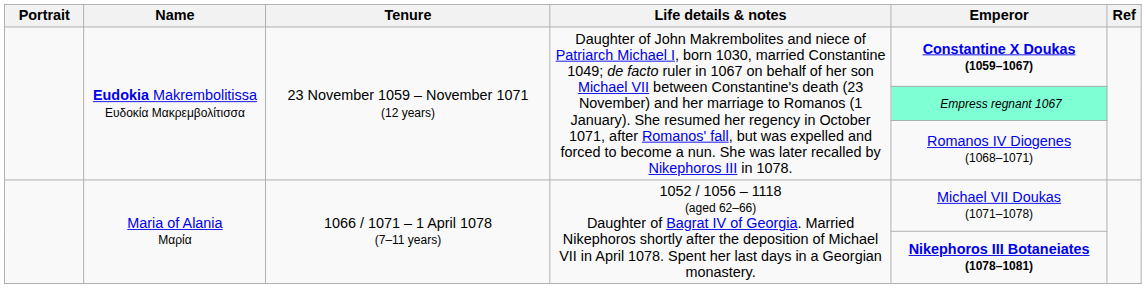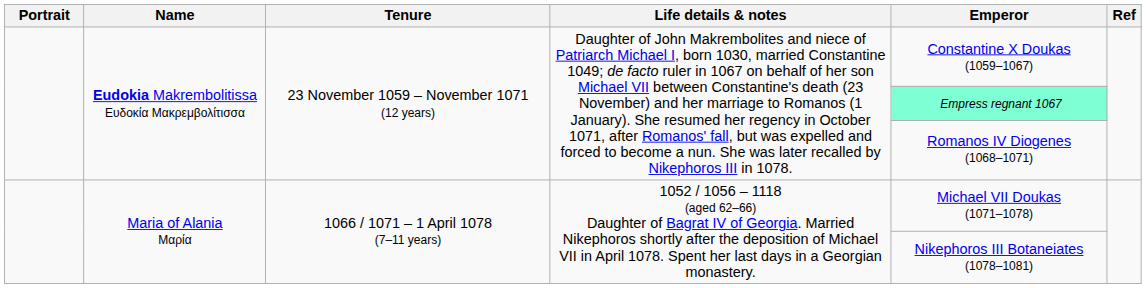 <table class="wikitable" style="width:100%; text-align:center;">
 <tr>
 <th width="7%">Portrait</th>
 <th width="16%">Name</th>
 <th width="25%">Tenure</th>
 <th width="30%">Life details & notes</th>
 <th width="19%">Emperor</th>
 <th width="3%">Ref</th>
 </tr>
 <tr>
 <td rowspan=3></td>
 <td rowspan=3><a href='#'><strong>Eudokia</strong> Makrembolitissa</a><br><small>Ευδοκία Μακρεμβολίτισσα</small></td>
 <td rowspan=3>23 November 1059 – November 1071<br><small>(12 years)</small></td>
 <td rowspan=3>Daughter of John Makrembolites and niece of <a href='#'>Patriarch Michael I</a>, born  1030, married Constantine  1049; <em>de facto</em> ruler in 1067 on behalf of her son <a href='#'>Michael VII</a> between Constantine's death (23 November) and her marriage to Romanos (1 January). She resumed her regency in October 1071, after <a href='#'>Romanos' fall</a>, but was expelled and forced to become a nun. She was later recalled by <a href='#'>Nikephoros III</a> in 1078.</td>
-<td><strong><a href='#'>Constantine X Doukas</a><br><small>(1059–1067)</small></strong></td>
+<td><a href='#'>Constantine X Doukas</a><br><small>(1059–1067)</small></td>
 <td rowspan=3><br></td>
 </tr>
 <tr>
 <td style="background:#7FFFD4;"> <small><em>Empress regnant 1067</em></small></td>
 </tr>
 <tr>
 <td><a href='#'>Romanos IV Diogenes</a><br><small>(1068–1071)</small></td>
 </tr>
 <tr>
 <td rowspan=2></td>
 <td rowspan=2><a href='#'>Maria of Alania</a><br><small>Μαρία</small></td>
 <td rowspan=2>1066 / 1071 – 1 April 1078<br><small>(7–11 years)</small></td>
 <td rowspan=2> 1052 / 1056 – 1118<br><small>(aged 62–66)</small><br>Daughter of <a href='#'>Bagrat IV of Georgia</a>. Married Nikephoros shortly after the deposition of Michael VII in April 1078. Spent her last days in a Georgian monastery.</td>
 <td><a href='#'>Michael VII Doukas</a><br><small>(1071–1078)</small></td>
 <td rowspan=2><br></td>
 </tr>
 <tr>
-<td><strong><a href='#'>Nikephoros III Botaneiates</a><br><small>(1078–1081)</small></strong></td>
+<td><a href='#'>Nikephoros III Botaneiates</a><br><small>(1078–1081)</small></td>
 </tr>
 </table>
